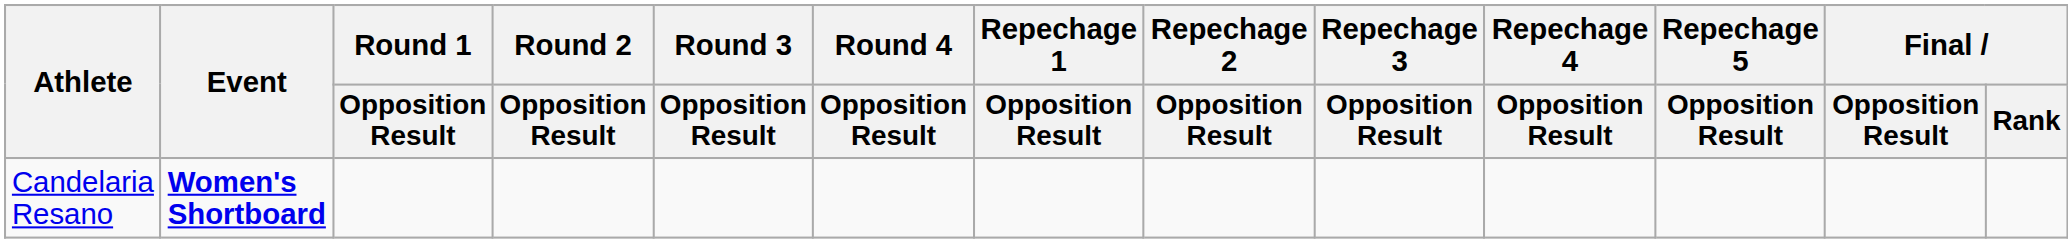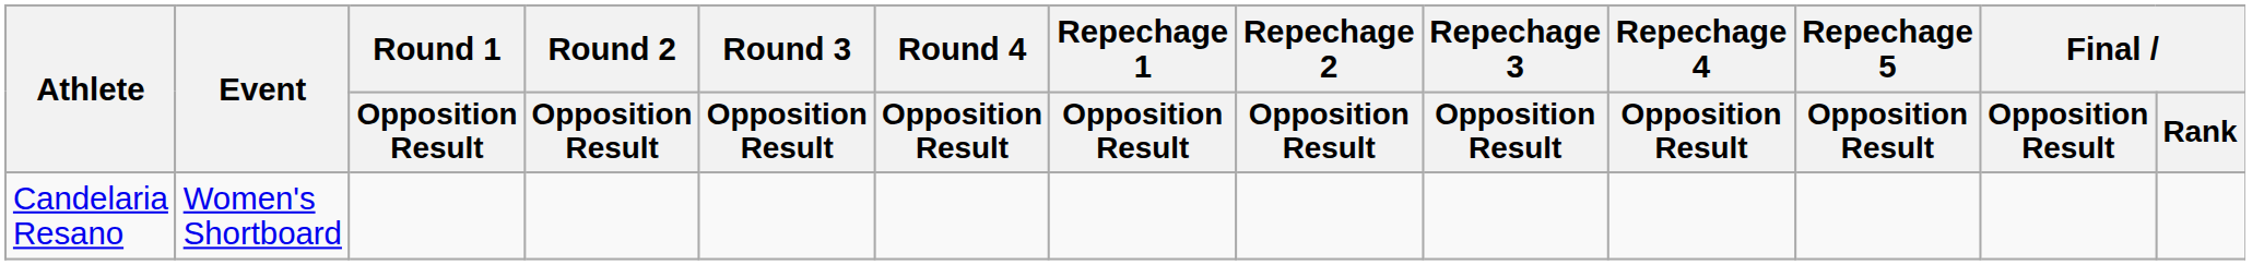 <table class=wikitable style=font-size:90%;text-align:center>
 <tr>
 <th rowspan=2>Athlete</th>
 <th rowspan=2>Event</th>
 <th>Round 1</th>
 <th>Round 2</th>
 <th>Round 3</th>
 <th>Round 4</th>
 <th>Repechage 1</th>
 <th>Repechage 2</th>
 <th>Repechage 3</th>
 <th>Repechage 4</th>
 <th>Repechage 5</th>
 <th colspan=2>Final / </th>
 </tr>
 <tr style=font-size:95%>
 <th>Opposition<br>Result</th>
 <th>Opposition<br>Result</th>
 <th>Opposition<br>Result</th>
 <th>Opposition<br>Result</th>
 <th>Opposition<br>Result</th>
 <th>Opposition<br>Result</th>
 <th>Opposition<br>Result</th>
 <th>Opposition<br>Result</th>
 <th>Opposition<br>Result</th>
 <th>Opposition<br>Result</th>
 <th>Rank</th>
 </tr>
 <tr>
 <td align=left><a href='#'>Candelaria Resano</a></td>
-<td align=left><strong><a href='#'>Women's Shortboard</a></strong></td>
+<td align=left><a href='#'>Women's Shortboard</a></td>
 <td></td>
 <td></td>
 <td></td>
 <td></td>
 <td></td>
 <td></td>
 <td></td>
 <td></td>
 <td></td>
 <td></td>
 <td></td>
 </tr>
 </table>
